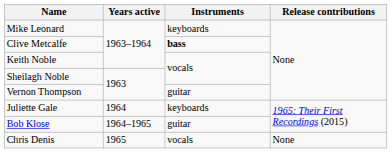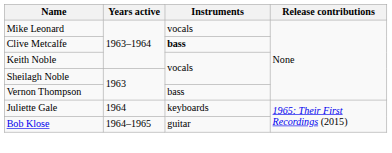 <table class="wikitable">
 <tr>
 <th width="150">Name</th>
 <th width="90">Years active</th>
 <th width="160">Instruments</th>
 <th>Release contributions</th>
 </tr>
 <tr>
 <td>Mike Leonard</td>
 <td rowspan="3">1963–1964</td>
-<td>keyboards</td>
+<td>vocals</td>
 <td rowspan="5">None</td>
 </tr>
 <tr>
 <td>Clive Metcalfe</td>
 <td><strong>bass</strong></td>
 </tr>
 <tr>
 <td>Keith Noble</td>
 <td rowspan="2">vocals</td>
 </tr>
 <tr>
 <td>Sheilagh Noble</td>
 <td rowspan="2">1963</td>
 </tr>
 <tr>
 <td>Vernon Thompson</td>
-<td>guitar</td>
+<td>bass</td>
 </tr>
 <tr>
 <td>Juliette Gale</td>
 <td>1964</td>
 <td>keyboards</td>
 <td rowspan="2'"><em><a href='#'>1965: Their First Recordings</a></em> (2015)</td>
 </tr>
 <tr>
 <td><a href='#'>Bob Klose</a></td>
 <td>1964–1965</td>
 <td>guitar</td>
 </tr>
-<tr>
-<td>Chris Denis</td>
-<td>1965</td>
-<td>vocals</td>
-<td>None</td>
-</tr>
 </table>
